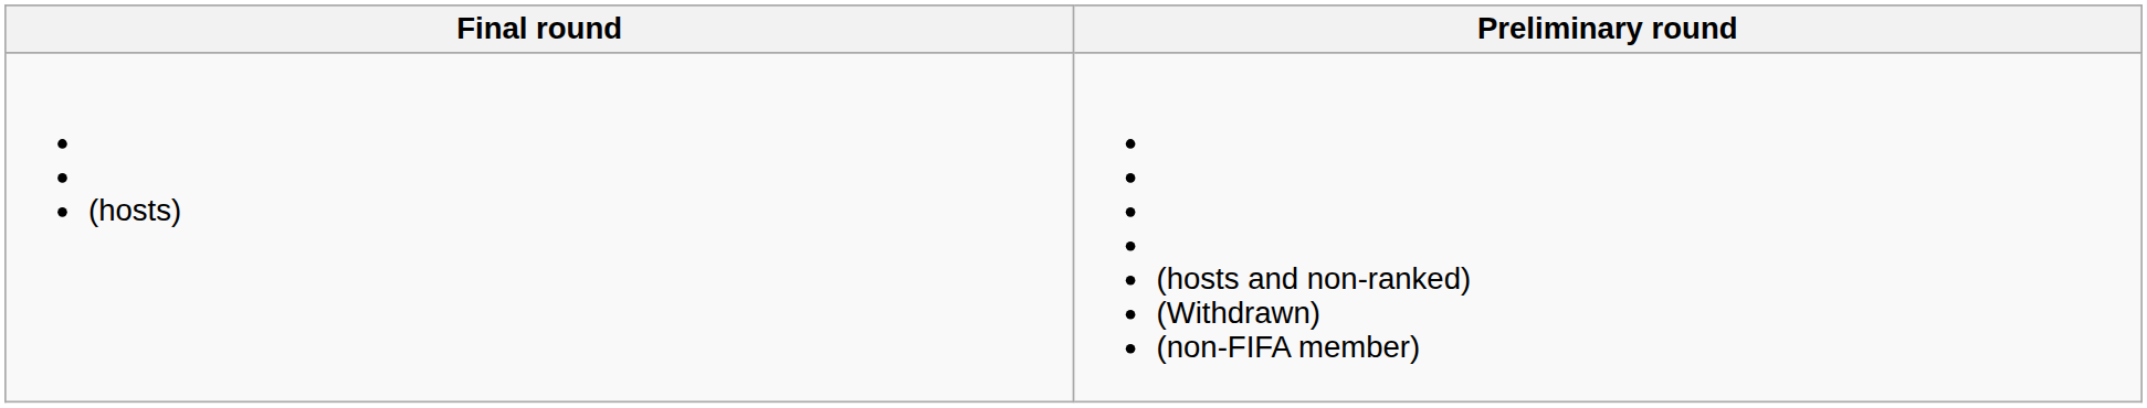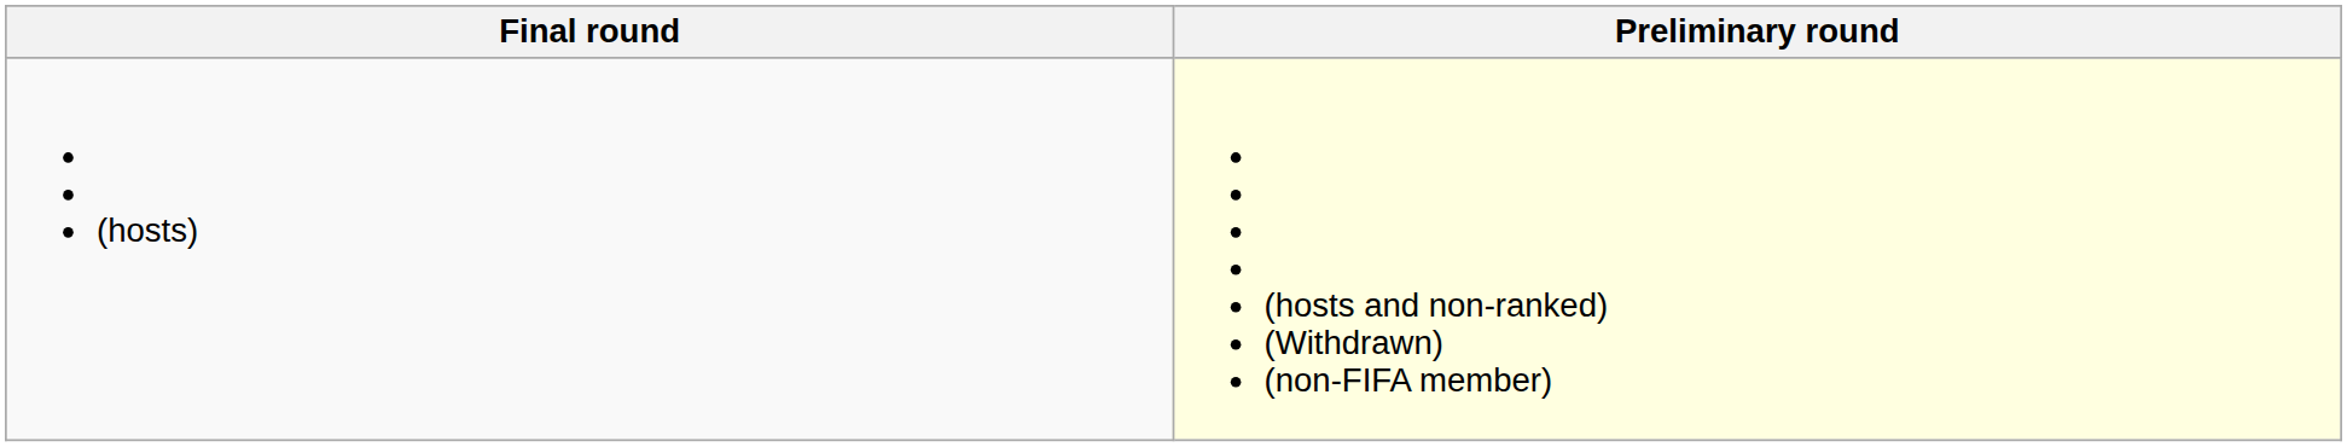 <table class="wikitable" style="width:89%;">
 <tr>
 <th width=33%>Final round</th>
 <th width=33%>Preliminary round</th>
 </tr>
 <tr>
 <td valign=top><br><ul><li></li><li></li><li> (hosts)</li></ul></td>
-<td valign=top><br><ul><li></li><li></li><li></li><li></li><li> (hosts and non-ranked)</li><li> (Withdrawn)</li><li> (non-FIFA member)</li></ul></td>
+<td valign=top style="background: lightyellow;"><br><ul><li></li><li></li><li></li><li></li><li> (hosts and non-ranked)</li><li> (Withdrawn)</li><li> (non-FIFA member)</li></ul></td>
 </tr>
 </table>
